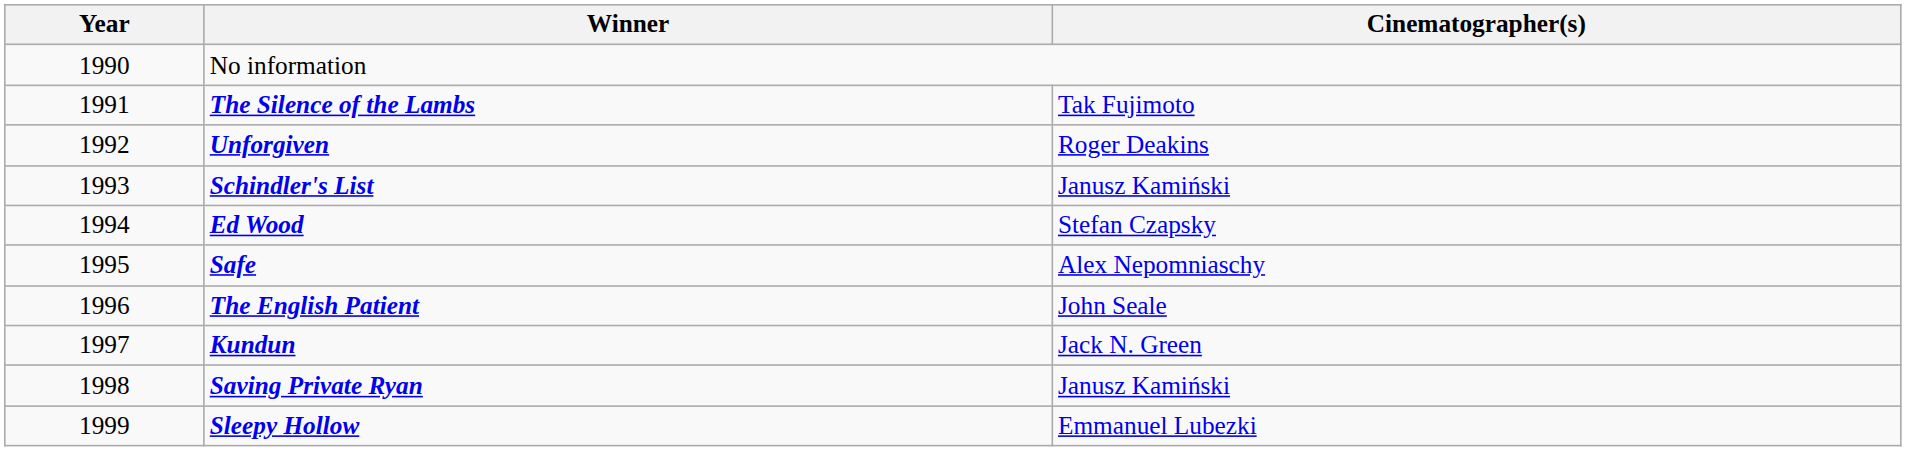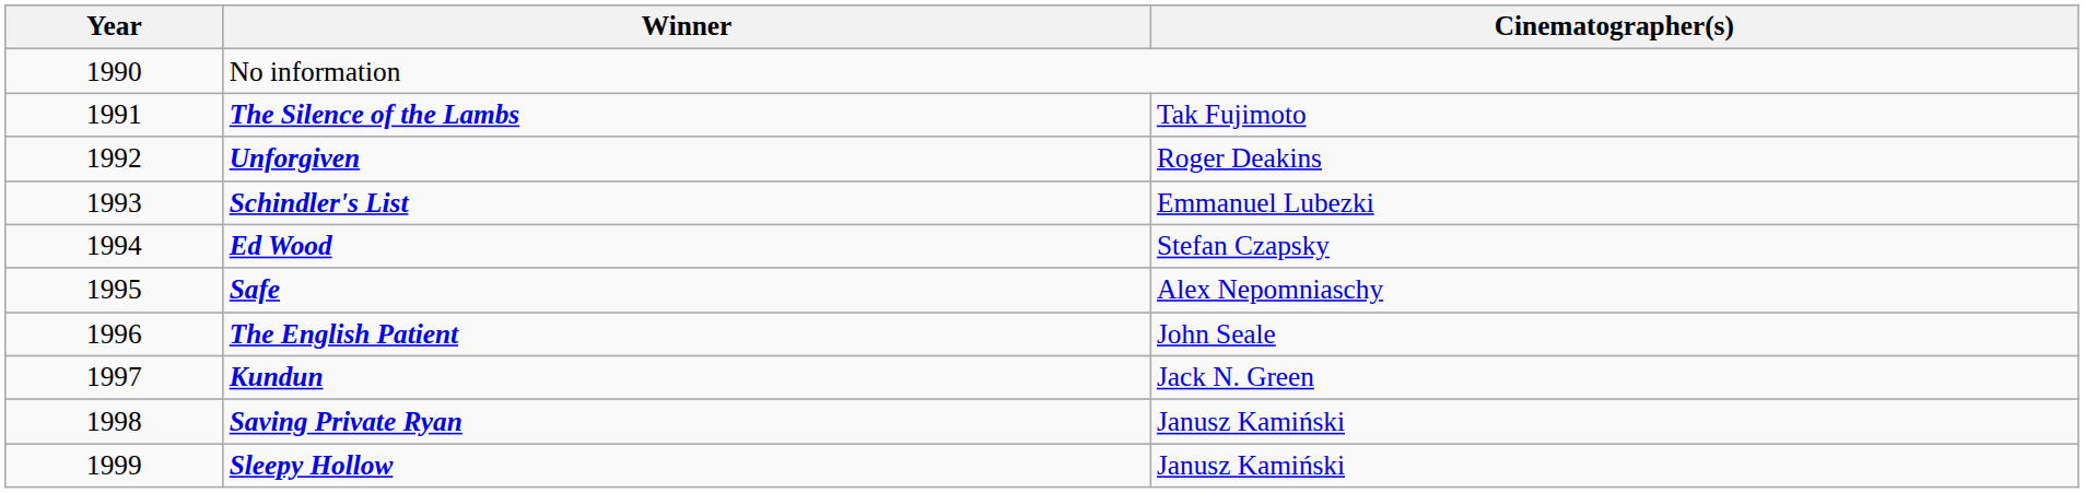 <table class="wikitable" width="95%" cellpadding="5">
 <tr>
 <th width="100"><strong>Year</strong></th>
 <th width="450"><strong>Winner</strong></th>
 <th width="450"><strong>Cinematographer(s)</strong></th>
 </tr>
 <tr>
 <td style="text-align:center;">1990</td>
 <td colspan="2">No information</td>
 </tr>
 <tr>
 <td style="text-align:center;">1991</td>
 <td><strong><em><a href='#'>The Silence of the Lambs</a></em></strong></td>
 <td><a href='#'>Tak Fujimoto</a></td>
 </tr>
 <tr>
 <td style="text-align:center;">1992</td>
 <td><strong><em><a href='#'>Unforgiven</a></em></strong></td>
 <td><a href='#'>Roger Deakins</a></td>
 </tr>
 <tr>
 <td style="text-align:center;">1993</td>
 <td><strong><em><a href='#'>Schindler's List</a></em></strong></td>
-<td><a href='#'>Janusz Kamiński</a></td>
+<td><a href='#'>Emmanuel Lubezki</a></td>
 </tr>
 <tr>
 <td style="text-align:center;">1994</td>
 <td><strong><em><a href='#'>Ed Wood</a></em></strong></td>
 <td><a href='#'>Stefan Czapsky</a></td>
 </tr>
 <tr>
 <td style="text-align:center;">1995</td>
 <td><strong><em><a href='#'>Safe</a></em></strong></td>
 <td><a href='#'>Alex Nepomniaschy</a></td>
 </tr>
 <tr>
 <td style="text-align:center;">1996</td>
 <td><strong><em><a href='#'>The English Patient</a></em></strong></td>
 <td><a href='#'>John Seale</a></td>
 </tr>
 <tr>
 <td style="text-align:center;">1997</td>
 <td><strong><em><a href='#'>Kundun</a></em></strong></td>
 <td><a href='#'>Jack N. Green</a></td>
 </tr>
 <tr>
 <td style="text-align:center;">1998</td>
 <td><strong><em><a href='#'>Saving Private Ryan</a></em></strong></td>
 <td><a href='#'>Janusz Kamiński</a></td>
 </tr>
 <tr>
 <td style="text-align:center;">1999</td>
 <td><strong><em><a href='#'>Sleepy Hollow</a></em></strong></td>
-<td><a href='#'>Emmanuel Lubezki</a></td>
+<td><a href='#'>Janusz Kamiński</a></td>
 </tr>
 </table>
